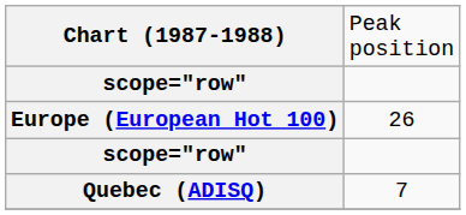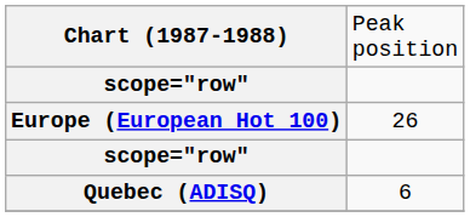 <table class="wikitable sortable plainrowheaders">
 <tr>
 <th>Chart (1987-1988)</th>
 <td>Peak<br>position</td>
 </tr>
 <tr>
 <th>scope="row"</th>
 </tr>
 <tr>
 <th scope="row">Europe (<a href='#'>European Hot 100</a>)</th>
 <td align="center">26</td>
 </tr>
 <tr>
 <th>scope="row"</th>
 </tr>
 <tr>
 <th scope="row">Quebec (<a href='#'>ADISQ</a>)</th>
-<td align="center">7</td>
+<td align="center">6</td>
 </tr>
 <tr>
 </tr>
 </table>
